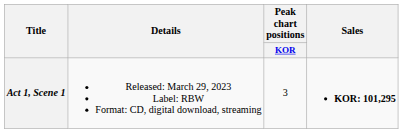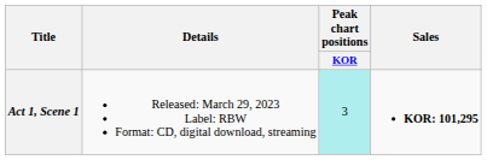 <table class="wikitable plainrowheaders" style="text-align:center;">
 <tr>
 <th rowspan="2" scope="col">Title</th>
 <th rowspan="2" scope="col">Details</th>
 <th colspan="1" scope="col">Peak chart positions</th>
 <th rowspan="2" scope="col">Sales</th>
 </tr>
 <tr>
 <th scope="col" style="width:3em;font-size:90%;"><a href='#'>KOR</a><br></th>
 </tr>
 <tr>
 <th scope="row"><em>Act 1, Scene 1</em></th>
 <td><br><ul><li>Released: March 29, 2023</li><li>Label: RBW</li><li>Format: CD, digital download, streaming</li></ul></td>
-<td>3</td>
+<td style="background: paleturquoise;">3</td>
 <td><strong><br><ul><li>KOR: 101,295</li></ul></strong></td>
 </tr>
 </table>
